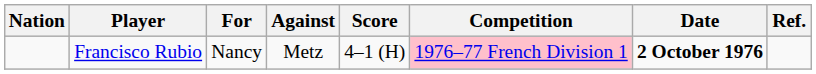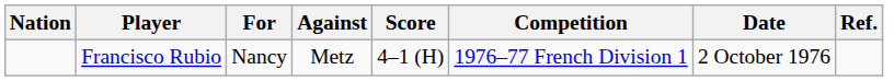 <table class="wikitable sortable" style="text-align:center; margin-left:1em; font-size:85%;">
 <tr>
 <th>Nation</th>
 <th>Player</th>
 <th>For</th>
 <th>Against</th>
 <th>Score</th>
 <th>Competition</th>
 <th>Date</th>
 <th>Ref.</th>
 </tr>
 <tr>
 <td></td>
 <td><a href='#'>Francisco Rubio</a></td>
 <td rowspan=2>Nancy</td>
 <td rowspan=2>Metz</td>
 <td>4–1 (H)</td>
-<td style="background: pink;"><a href='#'>1976–77 French Division 1</a></td>
-<td><strong>2 October 1976</strong></td>
+<td><a href='#'>1976–77 French Division 1</a></td>
+<td>2 October 1976</td>
 <td></td>
 </tr>
 </table>
